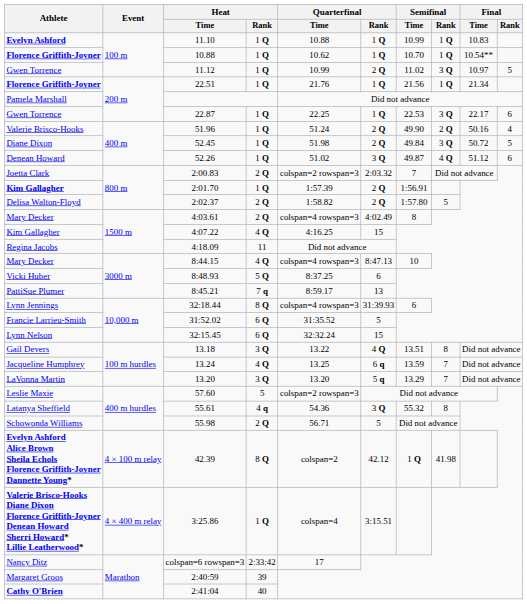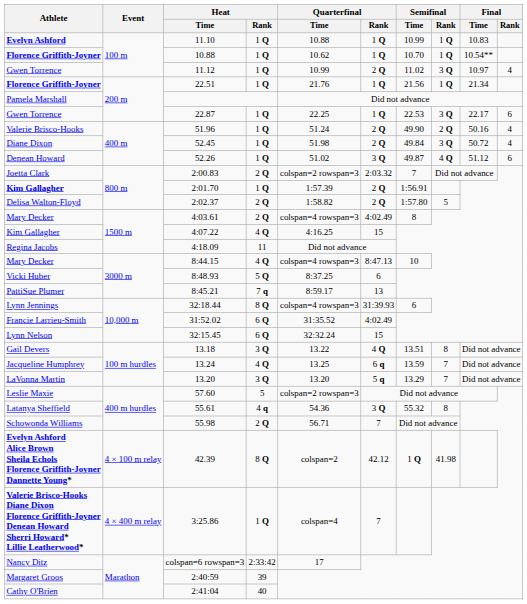 <table class=wikitable style=font-size:90%;text-align:center>
 <tr>
 <th rowspan=2>Athlete</th>
 <th rowspan=2>Event</th>
 <th colspan=2>Heat</th>
 <th colspan=2>Quarterfinal</th>
 <th colspan=2>Semifinal</th>
 <th colspan=2>Final</th>
 </tr>
 <tr style=font-size:95%>
 <th>Time</th>
 <th>Rank</th>
 <th>Time</th>
 <th>Rank</th>
 <th>Time</th>
 <th>Rank</th>
 <th>Time</th>
 <th>Rank</th>
 </tr>
 <tr>
 <td align=left><strong><a href='#'>Evelyn Ashford</a></strong></td>
 <td align=left rowspan=3><a href='#'>100 m</a></td>
 <td>11.10</td>
 <td>1 <strong>Q</strong></td>
 <td>10.88</td>
 <td>1 <strong>Q</strong></td>
 <td>10.99</td>
 <td>1 <strong>Q</strong></td>
 <td>10.83</td>
 <td></td>
 </tr>
 <tr>
 <td align=left><strong><a href='#'>Florence Griffith-Joyner</a></strong></td>
 <td>10.88 </td>
 <td>1 <strong>Q</strong></td>
 <td>10.62 </td>
 <td>1 <strong>Q</strong></td>
 <td>10.70</td>
 <td>1 <strong>Q</strong></td>
 <td>10.54**</td>
 <td></td>
 </tr>
 <tr>
 <td align=left><a href='#'>Gwen Torrence</a></td>
 <td>11.12</td>
 <td>1 <strong>Q</strong></td>
 <td>10.99</td>
 <td>2 <strong>Q</strong></td>
 <td>11.02</td>
 <td>3 <strong>Q</strong></td>
 <td>10.97</td>
-<td>5</td>
+<td>4</td>
 </tr>
 <tr>
 <td align=left><strong><a href='#'>Florence Griffith-Joyner</a></strong></td>
 <td align=left rowspan=3><a href='#'>200 m</a></td>
 <td>22.51</td>
 <td>1 <strong>Q</strong></td>
 <td>21.76 </td>
 <td>1 <strong>Q</strong></td>
 <td>21.56 </td>
 <td>1 <strong>Q</strong></td>
 <td>21.34 </td>
 <td></td>
 </tr>
 <tr>
 <td align=left><a href='#'>Pamela Marshall</a></td>
 <td colspan=2></td>
 <td colspan=6>Did not advance</td>
 </tr>
 <tr>
 <td align=left><a href='#'>Gwen Torrence</a></td>
 <td>22.87</td>
 <td>1 <strong>Q</strong></td>
 <td>22.25</td>
 <td>1 <strong>Q</strong></td>
 <td>22.53</td>
 <td>3 <strong>Q</strong></td>
 <td>22.17</td>
 <td>6</td>
 </tr>
 <tr>
 <td align=left><a href='#'>Valerie Brisco-Hooks</a></td>
 <td align=left rowspan=3><a href='#'>400 m</a></td>
 <td>51.96</td>
 <td>1 <strong>Q</strong></td>
 <td>51.24</td>
 <td>2 <strong>Q</strong></td>
 <td>49.90</td>
 <td>2 <strong>Q</strong></td>
 <td>50.16</td>
 <td>4</td>
 </tr>
 <tr>
 <td align=left><a href='#'>Diane Dixon</a></td>
 <td>52.45</td>
 <td>1 <strong>Q</strong></td>
 <td>51.98</td>
 <td>2 <strong>Q</strong></td>
 <td>49.84</td>
 <td>3 <strong>Q</strong></td>
 <td>50.72</td>
-<td>5</td>
+<td>4</td>
 </tr>
 <tr>
 <td align=left><a href='#'>Denean Howard</a></td>
 <td>52.26</td>
 <td>1 <strong>Q</strong></td>
 <td>51.02</td>
 <td>3 <strong>Q</strong></td>
 <td>49.87</td>
 <td>4 <strong>Q</strong></td>
 <td>51.12</td>
 <td>6</td>
 </tr>
 <tr>
 <td align=left><a href='#'>Joetta Clark</a></td>
 <td align=left rowspan=3><a href='#'>800 m</a></td>
 <td>2:00.83</td>
 <td>2 <strong>Q</strong></td>
 <td>colspan=2 rowspan=3 </td>
 <td>2:03.32</td>
 <td>7</td>
 <td colspan=2>Did not advance</td>
 </tr>
 <tr>
 <td align=left><strong><a href='#'>Kim Gallagher</a></strong></td>
 <td>2:01.70</td>
 <td>1 <strong>Q</strong></td>
 <td>1:57.39</td>
 <td>2 <strong>Q</strong></td>
 <td>1:56.91</td>
 <td></td>
 </tr>
 <tr>
 <td align=left><a href='#'>Delisa Walton-Floyd</a></td>
 <td>2:02.37</td>
 <td>2 <strong>Q</strong></td>
 <td>1:58.82</td>
 <td>2 <strong>Q</strong></td>
 <td>1:57.80</td>
 <td>5</td>
 </tr>
 <tr>
 <td align=left><a href='#'>Mary Decker</a></td>
 <td align=left rowspan=3><a href='#'>1500 m</a></td>
 <td>4:03.61</td>
 <td>2 <strong>Q</strong></td>
 <td>colspan=4 rowspan=3 </td>
 <td>4:02.49</td>
 <td>8</td>
 </tr>
 <tr>
 <td align=left><a href='#'>Kim Gallagher</a></td>
 <td>4:07.22</td>
 <td>4 <strong>Q</strong></td>
 <td>4:16.25</td>
 <td>15</td>
 </tr>
 <tr>
 <td align=left><a href='#'>Regina Jacobs</a></td>
 <td>4:18.09</td>
 <td>11</td>
 <td colspan=2>Did not advance</td>
 </tr>
 <tr>
 <td align=left><a href='#'>Mary Decker</a></td>
 <td align=left rowspan=3><a href='#'>3000 m</a></td>
 <td>8:44.15</td>
 <td>4 <strong>Q</strong></td>
 <td>colspan=4 rowspan=3 </td>
 <td>8:47.13</td>
 <td>10</td>
 </tr>
 <tr>
 <td align=left><a href='#'>Vicki Huber</a></td>
 <td>8:48.93</td>
 <td>5 <strong>Q</strong></td>
 <td>8:37.25</td>
 <td>6</td>
 </tr>
 <tr>
 <td align=left><a href='#'>PattiSue Plumer</a></td>
 <td>8:45.21</td>
 <td>7 <strong>q</strong></td>
 <td>8:59.17</td>
 <td>13</td>
 </tr>
 <tr>
 <td align=left><a href='#'>Lynn Jennings</a></td>
 <td align=left rowspan=3><a href='#'>10,000 m</a></td>
 <td>32:18.44</td>
 <td>8 <strong>Q</strong></td>
 <td>colspan=4 rowspan=3 </td>
 <td>31:39.93</td>
 <td>6</td>
 </tr>
 <tr>
 <td align=left><a href='#'>Francie Larrieu-Smith</a></td>
 <td>31:52.02</td>
 <td>6 <strong>Q</strong></td>
 <td>31:35.52</td>
-<td>5</td>
+<td>4:02.49</td>
 </tr>
 <tr>
 <td align=left><a href='#'>Lynn Nelson</a></td>
 <td>32:15.45</td>
 <td>6 <strong>Q</strong></td>
 <td>32:32.24</td>
 <td>15</td>
 </tr>
 <tr>
 <td align=left><a href='#'>Gail Devers</a></td>
 <td align=left rowspan=3><a href='#'>100 m hurdles</a></td>
 <td>13.18</td>
 <td>3 <strong>Q</strong></td>
 <td>13.22</td>
 <td>4 <strong>Q</strong></td>
 <td>13.51</td>
 <td>8</td>
 <td colspan=2>Did not advance</td>
 </tr>
 <tr>
 <td align=left><a href='#'>Jacqueline Humphrey</a></td>
 <td>13.24</td>
 <td>4 <strong>Q</strong></td>
 <td>13.25</td>
 <td>6 <strong>q</strong></td>
 <td>13.59</td>
 <td>7</td>
 <td colspan=2>Did not advance</td>
 </tr>
 <tr>
 <td align=left><a href='#'>LaVonna Martin</a></td>
 <td>13.20</td>
 <td>3 <strong>Q</strong></td>
 <td>13.20</td>
 <td>5 <strong>q</strong></td>
 <td>13.29</td>
 <td>7</td>
 <td colspan=2>Did not advance</td>
 </tr>
 <tr>
 <td align=left><a href='#'>Leslie Maxie</a></td>
 <td align=left rowspan=3><a href='#'>400 m hurdles</a></td>
 <td>57.60</td>
 <td>5</td>
 <td>colspan=2 rowspan=3 </td>
 <td colspan=4>Did not advance</td>
 </tr>
 <tr>
 <td align=left><a href='#'>Latanya Sheffield</a></td>
 <td>55.61</td>
 <td>4 <strong>q</strong></td>
 <td>54.36</td>
 <td>3 <strong>Q</strong></td>
 <td>55.32</td>
 <td>8</td>
 </tr>
 <tr>
 <td align=left><a href='#'>Schowonda Williams</a></td>
 <td>55.98</td>
 <td>2 <strong>Q</strong></td>
 <td>56.71</td>
-<td>5</td>
+<td>7</td>
 <td colspan=2>Did not advance</td>
 </tr>
 <tr>
 <td align=left><strong><a href='#'>Evelyn Ashford</a><br><a href='#'>Alice Brown</a><br><a href='#'>Sheila Echols</a><br><a href='#'>Florence Griffith-Joyner</a><br><a href='#'>Dannette Young</a>*</strong></td>
 <td align=left><a href='#'>4 × 100 m relay</a></td>
 <td>42.39</td>
 <td>8 <strong>Q</strong></td>
 <td>colspan=2 </td>
 <td>42.12</td>
 <td>1 <strong>Q</strong></td>
 <td>41.98</td>
 <td></td>
 </tr>
 <tr>
 <td align=left><strong><a href='#'>Valerie Brisco-Hooks</a><br><a href='#'>Diane Dixon</a><br><a href='#'>Florence Griffith-Joyner</a><br><a href='#'>Denean Howard</a><br><a href='#'>Sherri Howard</a>*<br><a href='#'>Lillie Leatherwood</a>*</strong></td>
 <td align=left><a href='#'>4 × 400 m relay</a></td>
 <td>3:25.86</td>
 <td>1 <strong>Q</strong></td>
 <td>colspan=4 </td>
-<td>3:15.51</td>
+<td>7</td>
 <td></td>
 </tr>
 <tr>
 <td align=left><a href='#'>Nancy Ditz</a></td>
 <td align=left rowspan=3><a href='#'>Marathon</a></td>
 <td>colspan=6 rowspan=3 </td>
 <td>2:33:42</td>
 <td>17</td>
 </tr>
 <tr>
 <td align=left><a href='#'>Margaret Groos</a></td>
 <td>2:40:59</td>
 <td>39</td>
 </tr>
 <tr>
-<td align=left><strong><a href='#'>Cathy O'Brien</a></strong></td>
+<td align=left><a href='#'>Cathy O'Brien</a></td>
 <td>2:41:04</td>
 <td>40</td>
 </tr>
 </table>
